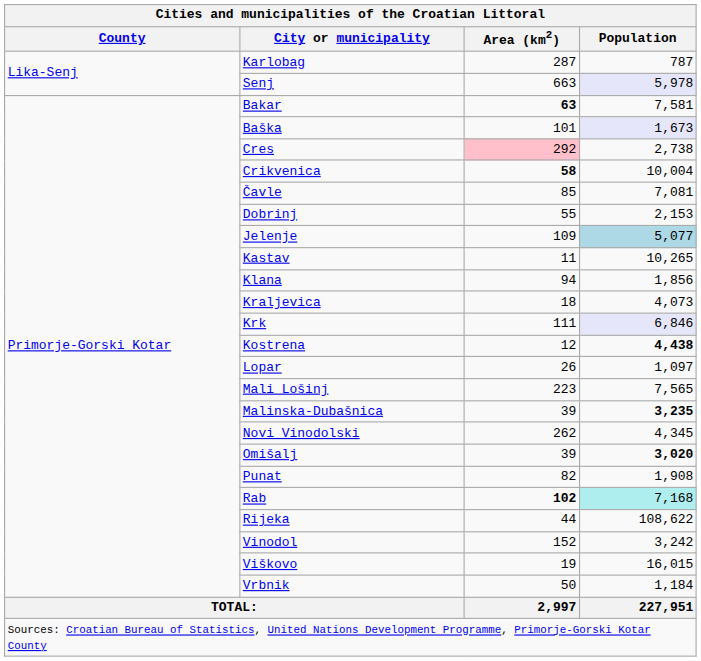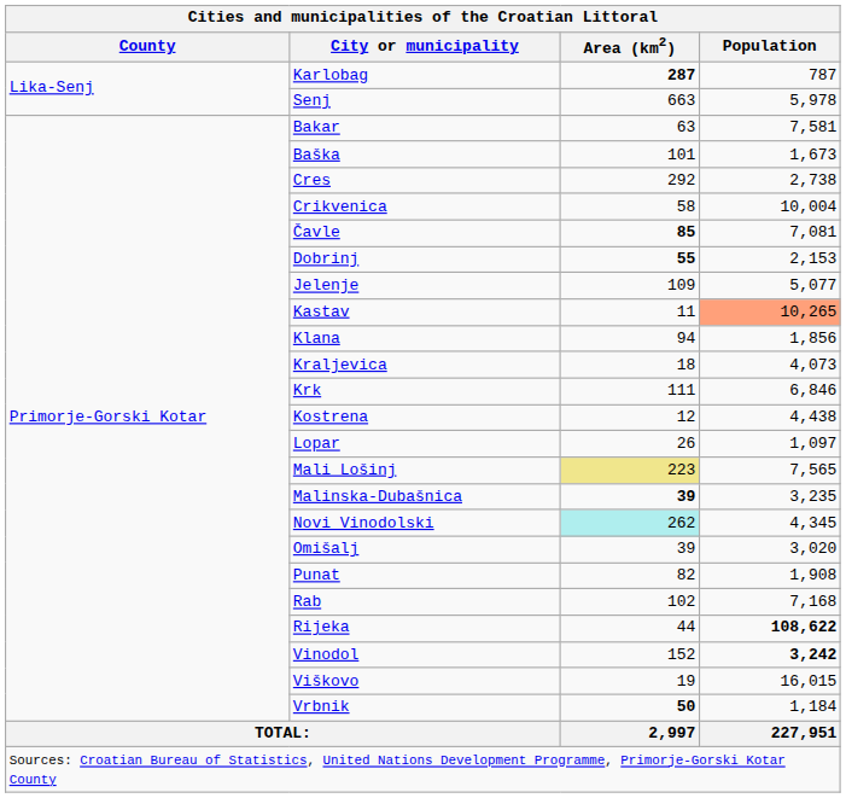 <table class="wikitable collapsible collapsed" cellspacing=2 style="margin-top:7px; margin-right:0px; text-align:left; font-size:90%;">
 <tr style="font-size:100%; text-align:right;">
 <th colspan=4>Cities and municipalities of the Croatian Littoral</th>
 </tr>
 <tr style="font-size:100%; text-align:right;">
 <th><a href='#'>County</a></th>
 <th><a href='#'>City</a> or <a href='#'>municipality</a></th>
 <th>Area (km<sup>2</sup>)</th>
 <th>Population</th>
 </tr>
 <tr>
 <td rowspan=2><a href='#'>Lika-Senj</a></td>
 <td><a href='#'>Karlobag</a></td>
-<td style="text-align:right;padding-right:2px">287</td>
+<td style="text-align:right;padding-right:2px"><strong>287</strong></td>
 <td style="text-align:right;padding-right:2px">787</td>
 </tr>
 <tr>
 <td><a href='#'>Senj</a></td>
 <td style="text-align:right;padding-right:2px">663</td>
-<td style="background: lavender; text-align:right;padding-right:2px">5,978</td>
+<td style="text-align:right;padding-right:2px">5,978</td>
 </tr>
 <tr>
 <td rowspan=23><a href='#'>Primorje-Gorski Kotar</a></td>
 <td><a href='#'>Bakar</a></td>
-<td style="text-align:right;padding-right:2px"><strong>63</strong></td>
+<td style="text-align:right;padding-right:2px">63</td>
 <td style="text-align:right;padding-right:2px">7,581</td>
 </tr>
 <tr>
 <td><a href='#'>Baška</a></td>
 <td style="text-align:right;padding-right:2px">101</td>
-<td style="background: lavender; text-align:right;padding-right:2px">1,673</td>
+<td style="text-align:right;padding-right:2px">1,673</td>
 </tr>
 <tr>
 <td><a href='#'>Cres</a></td>
-<td style="background: pink; text-align:right;padding-right:2px">292</td>
+<td style="text-align:right;padding-right:2px">292</td>
 <td style="text-align:right;padding-right:2px">2,738</td>
 </tr>
 <tr>
 <td><a href='#'>Crikvenica</a></td>
-<td style="text-align:right;padding-right:2px"><strong>58</strong></td>
+<td style="text-align:right;padding-right:2px">58</td>
 <td style="text-align:right;padding-right:2px">10,004</td>
 </tr>
 <tr>
 <td><a href='#'>Čavle</a></td>
-<td style="text-align:right;padding-right:2px">85</td>
+<td style="text-align:right;padding-right:2px"><strong>85</strong></td>
 <td style="text-align:right;padding-right:2px">7,081</td>
 </tr>
 <tr>
 <td><a href='#'>Dobrinj</a></td>
-<td style="text-align:right;padding-right:2px">55</td>
+<td style="text-align:right;padding-right:2px"><strong>55</strong></td>
 <td style="text-align:right;padding-right:2px">2,153</td>
 </tr>
 <tr>
 <td><a href='#'>Jelenje</a></td>
 <td style="text-align:right;padding-right:2px">109</td>
-<td style="background: lightblue; text-align:right;padding-right:2px">5,077</td>
+<td style="text-align:right;padding-right:2px">5,077</td>
 </tr>
 <tr>
 <td><a href='#'>Kastav</a></td>
 <td style="text-align:right;padding-right:2px">11</td>
-<td style="text-align:right;padding-right:2px">10,265</td>
+<td style="background: lightsalmon; text-align:right;padding-right:2px">10,265</td>
 </tr>
 <tr>
 <td><a href='#'>Klana</a></td>
 <td style="text-align:right;padding-right:2px">94</td>
 <td style="text-align:right;padding-right:2px">1,856</td>
 </tr>
 <tr>
 <td><a href='#'>Kraljevica</a></td>
 <td style="text-align:right;padding-right:2px">18</td>
 <td style="text-align:right;padding-right:2px">4,073</td>
 </tr>
 <tr>
 <td><a href='#'>Krk</a></td>
 <td style="text-align:right;padding-right:2px">111</td>
-<td style="background: lavender; text-align:right;padding-right:2px">6,846</td>
+<td style="text-align:right;padding-right:2px">6,846</td>
 </tr>
 <tr>
 <td><a href='#'>Kostrena</a></td>
 <td style="text-align:right;padding-right:2px">12</td>
-<td style="text-align:right;padding-right:2px"><strong>4,438</strong></td>
+<td style="text-align:right;padding-right:2px">4,438</td>
 </tr>
 <tr>
 <td><a href='#'>Lopar</a></td>
 <td style="text-align:right;padding-right:2px">26</td>
 <td style="text-align:right;padding-right:2px">1,097</td>
 </tr>
 <tr>
 <td><a href='#'>Mali Lošinj</a></td>
-<td style="text-align:right;padding-right:2px">223</td>
+<td style="background: khaki; text-align:right;padding-right:2px">223</td>
 <td style="text-align:right;padding-right:2px">7,565</td>
 </tr>
 <tr>
 <td><a href='#'>Malinska-Dubašnica</a></td>
-<td style="text-align:right;padding-right:2px">39</td>
-<td style="text-align:right;padding-right:2px"><strong>3,235</strong></td>
+<td style="text-align:right;padding-right:2px"><strong>39</strong></td>
+<td style="text-align:right;padding-right:2px">3,235</td>
 </tr>
 <tr>
 <td><a href='#'>Novi Vinodolski</a></td>
-<td style="text-align:right;padding-right:2px">262</td>
+<td style="background: paleturquoise; text-align:right;padding-right:2px">262</td>
 <td style="text-align:right;padding-right:2px">4,345</td>
 </tr>
 <tr>
 <td><a href='#'>Omišalj</a></td>
 <td style="text-align:right;padding-right:2px">39</td>
-<td style="text-align:right;padding-right:2px"><strong>3,020</strong></td>
+<td style="text-align:right;padding-right:2px">3,020</td>
 </tr>
 <tr>
 <td><a href='#'>Punat</a></td>
 <td style="text-align:right;padding-right:2px">82</td>
 <td style="text-align:right;padding-right:2px">1,908</td>
 </tr>
 <tr>
 <td><a href='#'>Rab</a></td>
-<td style="text-align:right;padding-right:2px"><strong>102</strong></td>
-<td style="background: paleturquoise; text-align:right;padding-right:2px">7,168</td>
+<td style="text-align:right;padding-right:2px">102</td>
+<td style="text-align:right;padding-right:2px">7,168</td>
 </tr>
 <tr>
 <td><a href='#'>Rijeka</a></td>
 <td style="text-align:right;padding-right:2px">44</td>
-<td style="text-align:right;padding-right:2px">108,622</td>
+<td style="text-align:right;padding-right:2px"><strong>108,622</strong></td>
 </tr>
 <tr>
 <td><a href='#'>Vinodol</a></td>
 <td style="text-align:right;padding-right:2px">152</td>
-<td style="text-align:right;padding-right:2px">3,242</td>
+<td style="text-align:right;padding-right:2px"><strong>3,242</strong></td>
 </tr>
 <tr>
 <td><a href='#'>Viškovo</a></td>
 <td style="text-align:right;padding-right:2px">19</td>
 <td style="text-align:right;padding-right:2px">16,015</td>
 </tr>
 <tr>
 <td><a href='#'>Vrbnik</a></td>
-<td style="text-align:right;padding-right:2px">50</td>
+<td style="text-align:right;padding-right:2px"><strong>50</strong></td>
 <td style="text-align:right;padding-right:2px">1,184</td>
 </tr>
 <tr>
 <th colspan=2>TOTAL:</th>
 <th style="text-align:right;padding-right:2px">2,997</th>
 <th style="text-align:right;padding-right:2px">227,951</th>
 </tr>
 <tr>
 <td colspan=4><small>Sources: <a href='#'>Croatian Bureau of Statistics</a>, <a href='#'>United Nations Development Programme</a>, <a href='#'>Primorje-Gorski Kotar County</a></small></td>
 </tr>
 </table>
